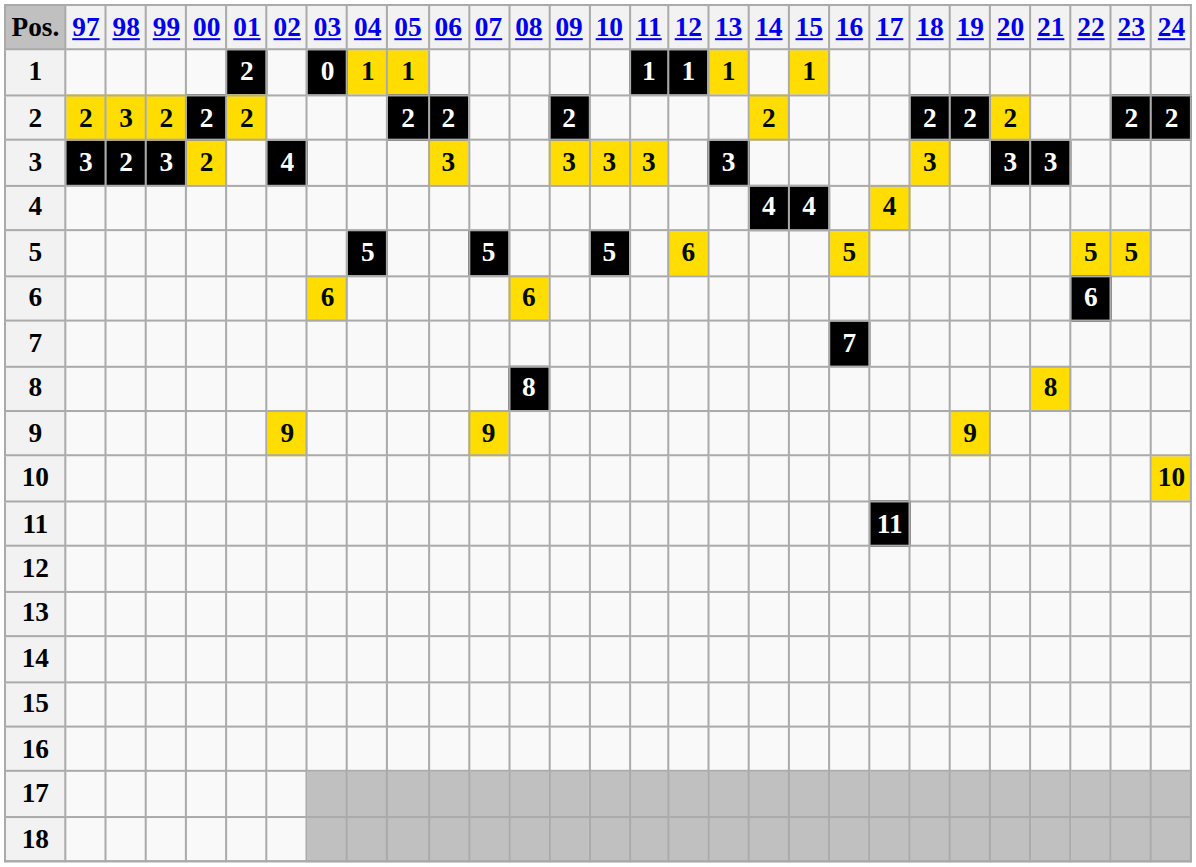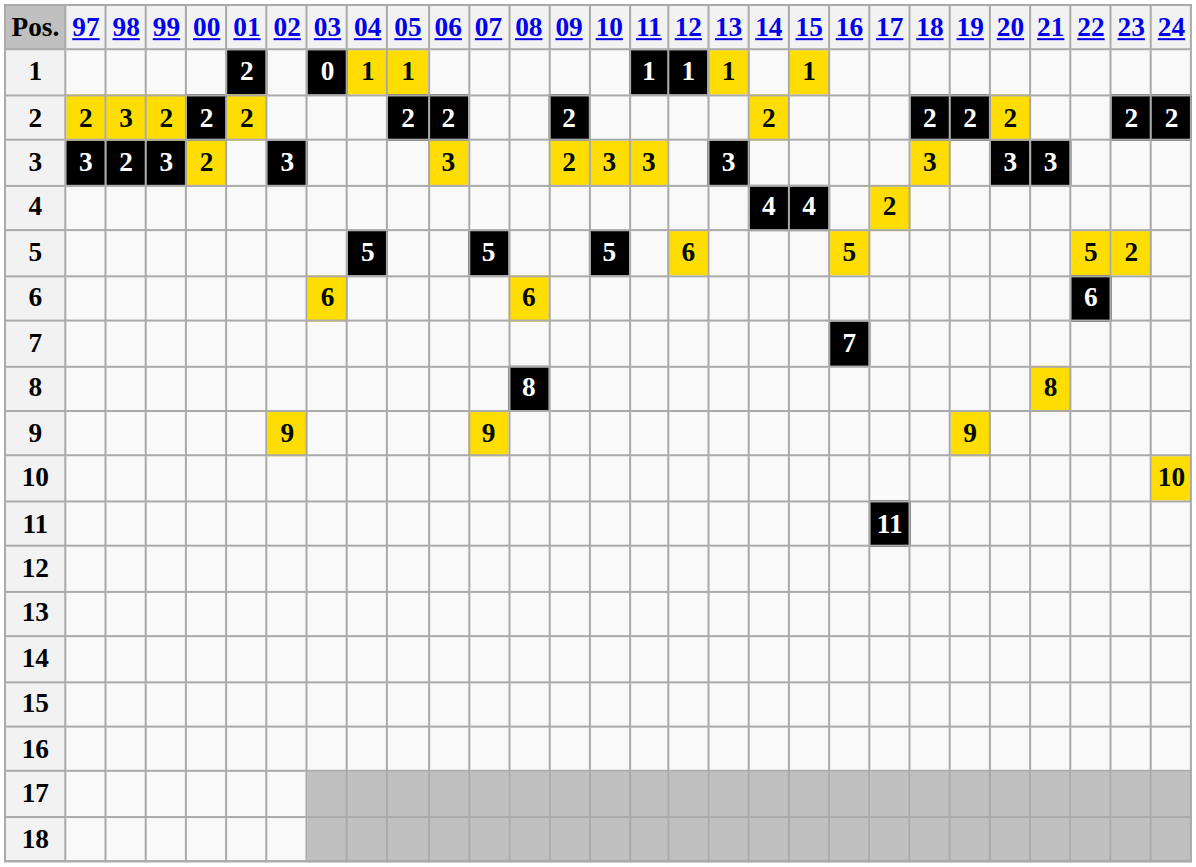 <table class="wikitable" style="text-align: center; font-size:85%">
 <tr>
 </tr>
 <tr>
 <th style="background:#c0c0c0">Pos.</th>
 <th><strong><a href='#'>97</a></strong></th>
 <th><strong><a href='#'>98</a></strong></th>
 <th><strong><a href='#'>99</a></strong></th>
 <th><strong><a href='#'>00</a></strong></th>
 <th><strong><a href='#'>01</a></strong></th>
 <th><strong><a href='#'>02</a></strong></th>
 <th><strong><a href='#'>03</a></strong></th>
 <th><strong><a href='#'>04</a></strong></th>
 <th><strong><a href='#'>05</a></strong></th>
 <th><strong><a href='#'>06</a></strong></th>
 <th><strong><a href='#'>07</a></strong></th>
 <th><strong><a href='#'>08</a></strong></th>
 <th><strong><a href='#'>09</a></strong></th>
 <th><strong><a href='#'>10</a></strong></th>
 <th><strong><a href='#'>11</a></strong></th>
 <th><strong><a href='#'>12</a></strong></th>
 <th><strong><a href='#'>13</a></strong></th>
 <th><strong><a href='#'>14</a></strong></th>
 <th><strong><a href='#'>15</a></strong></th>
 <th><strong><a href='#'>16</a></strong></th>
 <th><strong><a href='#'>17</a></strong></th>
 <th><strong><a href='#'>18</a></strong></th>
 <th><strong><a href='#'>19</a></strong></th>
 <th><strong><a href='#'>20</a></strong></th>
 <th><strong><a href='#'>21</a></strong></th>
 <th><strong><a href='#'>22</a></strong></th>
 <th><strong><a href='#'>23</a></strong></th>
 <th><strong><a href='#'>24</a></strong></th>
 </tr>
 <tr>
 <th>1</th>
 <td></td>
 <td></td>
 <td></td>
 <td></td>
 <td style="background:#000000;color:#fff;"><strong>2</strong></td>
 <td></td>
 <td style="background:#000000;color:#fff;"><strong>0</strong></td>
 <td style="background:#ffdd00;color:#000B00;"><strong>1</strong></td>
 <td style="background:#ffdd00;color:#000B00;"><strong>1</strong></td>
 <td></td>
 <td></td>
 <td></td>
 <td></td>
 <td></td>
 <td style="background:#000000;color:#fff;"><strong>1</strong></td>
 <td style="background:#000000;color:#fff;"><strong>1</strong></td>
 <td style="background:#ffdd00;color:#000B00;"><strong>1</strong></td>
 <td></td>
 <td style="background:#ffdd00;color:#000B00;"><strong>1</strong></td>
 <td></td>
 <td></td>
 <td></td>
 <td></td>
 <td></td>
 <td></td>
 <td></td>
 <td></td>
 <td></td>
 </tr>
 <tr>
 <th>2</th>
 <td style="background:#ffdd00;color:#000B00;"><strong>2</strong></td>
 <td style="background:#ffdd00;color:#000B00;"><strong>3</strong></td>
 <td style="background:#ffdd00;color:#000B00;"><strong>2</strong></td>
 <td style="background:#000000;color:#fff;"><strong>2</strong></td>
 <td style="background:#ffdd00;color:#000B00;"><strong>2</strong></td>
 <td></td>
 <td></td>
 <td></td>
 <td style="background:#000000;color:#fff;"><strong>2</strong></td>
 <td style="background:#000000;color:#fff;"><strong>2</strong></td>
 <td></td>
 <td></td>
 <td style="background:#000000;color:#fff;"><strong>2</strong></td>
 <td></td>
 <td></td>
 <td></td>
 <td></td>
 <td style="background:#ffdd00;color:#000B00;"><strong>2</strong></td>
 <td></td>
 <td></td>
 <td></td>
 <td style="background:#000000;color:#fff;"><strong>2</strong></td>
 <td style="background:#000000;color:#fff;"><strong>2</strong></td>
 <td style="background:#ffdd00;color:#000B00;"><strong>2</strong></td>
 <td></td>
 <td></td>
 <td style="background:#000000;color:#fff;"><strong>2</strong></td>
 <td style="background:#000000;color:#fff;"><strong>2</strong></td>
 </tr>
 <tr>
 <th>3</th>
 <td style="background:#000000;color:#fff;"><strong>3</strong></td>
 <td style="background:#000000;color:#fff;"><strong>2</strong></td>
 <td style="background:#000000;color:#fff;"><strong>3</strong></td>
 <td style="background:#ffdd00;color:#000B00;"><strong>2</strong></td>
 <td></td>
-<td style="background:#000000;color:#fff;"><strong>4</strong></td>
+<td style="background:#000000;color:#fff;"><strong>3</strong></td>
 <td></td>
 <td></td>
 <td></td>
 <td style="background:#ffdd00;color:#000B00;"><strong>3</strong></td>
 <td></td>
 <td></td>
-<td style="background:#ffdd00;color:#000B00;"><strong>3</strong></td>
+<td style="background:#ffdd00;color:#000B00;"><strong>2</strong></td>
 <td style="background:#ffdd00;color:#000B00;"><strong>3</strong></td>
 <td style="background:#ffdd00;color:#000B00;"><strong>3</strong></td>
 <td></td>
 <td style="background:#000000;color:#fff;"><strong>3</strong></td>
 <td></td>
 <td></td>
 <td></td>
 <td></td>
 <td style="background:#ffdd00;color:#000B00;"><strong>3</strong></td>
 <td></td>
 <td style="background:#000000;color:#fff;"><strong>3</strong></td>
 <td style="background:#000000;color:#fff;"><strong>3</strong></td>
 <td></td>
 <td></td>
 <td></td>
 </tr>
 <tr>
 <th>4</th>
 <td></td>
 <td></td>
 <td></td>
 <td></td>
 <td></td>
 <td></td>
 <td></td>
 <td></td>
 <td></td>
 <td></td>
 <td></td>
 <td></td>
 <td></td>
 <td></td>
 <td></td>
 <td></td>
 <td></td>
 <td style="background:#000000;color:#fff;"><strong>4</strong></td>
 <td style="background:#000000;color:#fff;"><strong>4</strong></td>
 <td></td>
-<td style="background:#ffdd00;color:#000B00;"><strong>4</strong></td>
+<td style="background:#ffdd00;color:#000B00;"><strong>2</strong></td>
 <td></td>
 <td></td>
 <td></td>
 <td></td>
 <td></td>
 <td></td>
 <td></td>
 </tr>
 <tr>
 <th>5</th>
 <td></td>
 <td></td>
 <td></td>
 <td></td>
 <td></td>
 <td></td>
 <td></td>
 <td style="background:#000000;color:#fff;"><strong>5</strong></td>
 <td></td>
 <td></td>
 <td style="background:#000000;color:#fff;"><strong>5</strong></td>
 <td></td>
 <td></td>
 <td style="background:#000000;color:#fff;"><strong>5</strong></td>
 <td></td>
 <td style="background:#ffdd00;color:#000B00;"><strong>6</strong></td>
 <td></td>
 <td></td>
 <td></td>
 <td style="background:#ffdd00;color:#000B00;"><strong>5</strong></td>
 <td></td>
 <td></td>
 <td></td>
 <td></td>
 <td></td>
 <td style="background:#ffdd00;color:#000B00;"><strong>5</strong></td>
-<td style="background:#ffdd00;color:#000B00;"><strong>5</strong></td>
+<td style="background:#ffdd00;color:#000B00;"><strong>2</strong></td>
 <td></td>
 </tr>
 <tr>
 <th>6</th>
 <td></td>
 <td></td>
 <td></td>
 <td></td>
 <td></td>
 <td></td>
 <td style="background:#ffdd00;color:#000B00;"><strong>6</strong></td>
 <td></td>
 <td></td>
 <td></td>
 <td></td>
 <td style="background:#ffdd00;color:#000B00;"><strong>6</strong></td>
 <td></td>
 <td></td>
 <td></td>
 <td></td>
 <td></td>
 <td></td>
 <td></td>
 <td></td>
 <td></td>
 <td></td>
 <td></td>
 <td></td>
 <td></td>
 <td style="background:#000000;color:#fff;"><strong>6</strong></td>
 <td></td>
 <td></td>
 </tr>
 <tr>
 <th>7</th>
 <td></td>
 <td></td>
 <td></td>
 <td></td>
 <td></td>
 <td></td>
 <td></td>
 <td></td>
 <td></td>
 <td></td>
 <td></td>
 <td></td>
 <td></td>
 <td></td>
 <td></td>
 <td></td>
 <td></td>
 <td></td>
 <td></td>
 <td style="background:#000000;color:#fff;"><strong>7</strong></td>
 <td></td>
 <td></td>
 <td></td>
 <td></td>
 <td></td>
 <td></td>
 <td></td>
 <td></td>
 </tr>
 <tr>
 <th>8</th>
 <td></td>
 <td></td>
 <td></td>
 <td></td>
 <td></td>
 <td></td>
 <td></td>
 <td></td>
 <td></td>
 <td></td>
 <td></td>
 <td style="background:#000000;color:#fff;"><strong>8</strong></td>
 <td></td>
 <td></td>
 <td></td>
 <td></td>
 <td></td>
 <td></td>
 <td></td>
 <td></td>
 <td></td>
 <td></td>
 <td></td>
 <td></td>
 <td style="background:#ffdd00;color:#000B00;"><strong>8</strong></td>
 <td></td>
 <td></td>
 <td></td>
 </tr>
 <tr>
 <th>9</th>
 <td></td>
 <td></td>
 <td></td>
 <td></td>
 <td></td>
 <td style="background:#ffdd00;color:#000B00;"><strong>9</strong></td>
 <td></td>
 <td></td>
 <td></td>
 <td></td>
 <td style="background:#ffdd00;color:#000B00;"><strong>9</strong></td>
 <td></td>
 <td></td>
 <td></td>
 <td></td>
 <td></td>
 <td></td>
 <td></td>
 <td></td>
 <td></td>
 <td></td>
 <td></td>
 <td style="background:#ffdd00;color:#000B00;"><strong>9</strong></td>
 <td></td>
 <td></td>
 <td></td>
 <td></td>
 <td></td>
 </tr>
 <tr>
 <th>10</th>
 <td></td>
 <td></td>
 <td></td>
 <td></td>
 <td></td>
 <td></td>
 <td></td>
 <td></td>
 <td></td>
 <td></td>
 <td></td>
 <td></td>
 <td></td>
 <td></td>
 <td></td>
 <td></td>
 <td></td>
 <td></td>
 <td></td>
 <td></td>
 <td></td>
 <td></td>
 <td></td>
 <td></td>
 <td></td>
 <td></td>
 <td></td>
 <td style="background:#ffdd00;color:#000B00;"><strong>10</strong></td>
 </tr>
 <tr>
 <th>11</th>
 <td></td>
 <td></td>
 <td></td>
 <td></td>
 <td></td>
 <td></td>
 <td></td>
 <td></td>
 <td></td>
 <td></td>
 <td></td>
 <td></td>
 <td></td>
 <td></td>
 <td></td>
 <td></td>
 <td></td>
 <td></td>
 <td></td>
 <td></td>
 <td style="background:#000000;color:#fff;"><strong>11</strong></td>
 <td></td>
 <td></td>
 <td></td>
 <td></td>
 <td></td>
 <td></td>
 <td></td>
 </tr>
 <tr>
 <th>12</th>
 <td></td>
 <td></td>
 <td></td>
 <td></td>
 <td></td>
 <td></td>
 <td></td>
 <td></td>
 <td></td>
 <td></td>
 <td></td>
 <td></td>
 <td></td>
 <td></td>
 <td></td>
 <td></td>
 <td></td>
 <td></td>
 <td></td>
 <td></td>
 <td></td>
 <td></td>
 <td></td>
 <td></td>
 <td></td>
 <td></td>
 <td></td>
 <td></td>
 </tr>
 <tr>
 <th>13</th>
 <td></td>
 <td></td>
 <td></td>
 <td></td>
 <td></td>
 <td></td>
 <td></td>
 <td></td>
 <td></td>
 <td></td>
 <td></td>
 <td></td>
 <td></td>
 <td></td>
 <td></td>
 <td></td>
 <td></td>
 <td></td>
 <td></td>
 <td></td>
 <td></td>
 <td></td>
 <td></td>
 <td></td>
 <td></td>
 <td></td>
 <td></td>
 <td></td>
 </tr>
 <tr>
 <th>14</th>
 <td></td>
 <td></td>
 <td></td>
 <td></td>
 <td></td>
 <td></td>
 <td></td>
 <td></td>
 <td></td>
 <td></td>
 <td></td>
 <td></td>
 <td></td>
 <td></td>
 <td></td>
 <td></td>
 <td></td>
 <td></td>
 <td></td>
 <td></td>
 <td></td>
 <td></td>
 <td></td>
 <td></td>
 <td></td>
 <td></td>
 <td></td>
 <td></td>
 </tr>
 <tr>
 <th>15</th>
 <td></td>
 <td></td>
 <td></td>
 <td></td>
 <td></td>
 <td></td>
 <td></td>
 <td></td>
 <td></td>
 <td></td>
 <td></td>
 <td></td>
 <td></td>
 <td></td>
 <td></td>
 <td></td>
 <td></td>
 <td></td>
 <td></td>
 <td></td>
 <td></td>
 <td></td>
 <td></td>
 <td></td>
 <td></td>
 <td></td>
 <td></td>
 <td></td>
 </tr>
 <tr>
 <th>16</th>
 <td></td>
 <td></td>
 <td></td>
 <td></td>
 <td></td>
 <td></td>
 <td></td>
 <td></td>
 <td></td>
 <td></td>
 <td></td>
 <td></td>
 <td></td>
 <td></td>
 <td></td>
 <td></td>
 <td></td>
 <td></td>
 <td></td>
 <td></td>
 <td></td>
 <td></td>
 <td></td>
 <td></td>
 <td></td>
 <td></td>
 <td></td>
 <td></td>
 </tr>
 <tr>
 <th>17</th>
 <td></td>
 <td></td>
 <td></td>
 <td></td>
 <td></td>
 <td></td>
 <td style="background:#c0c0c0"></td>
 <td style="background:#c0c0c0"></td>
 <td style="background:#c0c0c0"></td>
 <td style="background:#c0c0c0"></td>
 <td style="background:#c0c0c0"></td>
 <td style="background:#c0c0c0"></td>
 <td style="background:#c0c0c0"></td>
 <td style="background:#c0c0c0"></td>
 <td style="background:#c0c0c0"></td>
 <td style="background:#c0c0c0"></td>
 <td style="background:#c0c0c0"></td>
 <td style="background:#c0c0c0"></td>
 <td style="background:#c0c0c0"></td>
 <td style="background:#c0c0c0"></td>
 <td style="background:#c0c0c0"></td>
 <td style="background:#c0c0c0"></td>
 <td style="background:#c0c0c0"></td>
 <td style="background:#c0c0c0"></td>
 <td style="background:#c0c0c0"></td>
 <td style="background:#c0c0c0"></td>
 <td style="background:#c0c0c0"></td>
 <td style="background:#c0c0c0"></td>
 </tr>
 <tr>
 <th>18</th>
 <td></td>
 <td></td>
 <td></td>
 <td></td>
 <td></td>
 <td></td>
 <td style="background:#c0c0c0"></td>
 <td style="background:#c0c0c0"></td>
 <td style="background:#c0c0c0"></td>
 <td style="background:#c0c0c0"></td>
 <td style="background:#c0c0c0"></td>
 <td style="background:#c0c0c0"></td>
 <td style="background:#c0c0c0"></td>
 <td style="background:#c0c0c0"></td>
 <td style="background:#c0c0c0"></td>
 <td style="background:#c0c0c0"></td>
 <td style="background:#c0c0c0"></td>
 <td style="background:#c0c0c0"></td>
 <td style="background:#c0c0c0"></td>
 <td style="background:#c0c0c0"></td>
 <td style="background:#c0c0c0"></td>
 <td style="background:#c0c0c0"></td>
 <td style="background:#c0c0c0"></td>
 <td style="background:#c0c0c0"></td>
 <td style="background:#c0c0c0"></td>
 <td style="background:#c0c0c0"></td>
 <td style="background:#c0c0c0"></td>
 <td style="background:#c0c0c0"></td>
 </tr>
 <tr>
 </tr>
 </table>
